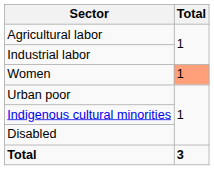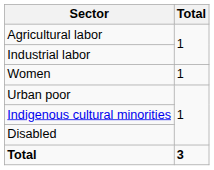 <table class="wikitable">
 <tr>
 <th>Sector</th>
 <th>Total</th>
 </tr>
 <tr>
 <td>Agricultural labor</td>
 <td rowspan="2">1</td>
 </tr>
 <tr>
 <td>Industrial labor</td>
 </tr>
 <tr>
 <td>Women</td>
-<td style="background: lightsalmon;">1</td>
+<td>1</td>
 </tr>
 <tr>
 <td>Urban poor</td>
 <td rowspan="3">1</td>
 </tr>
 <tr>
 <td><a href='#'>Indigenous cultural minorities</a></td>
 </tr>
 <tr>
 <td>Disabled</td>
 </tr>
 <tr>
 <td><strong>Total</strong></td>
 <td><strong>3</strong></td>
 </tr>
 </table>
